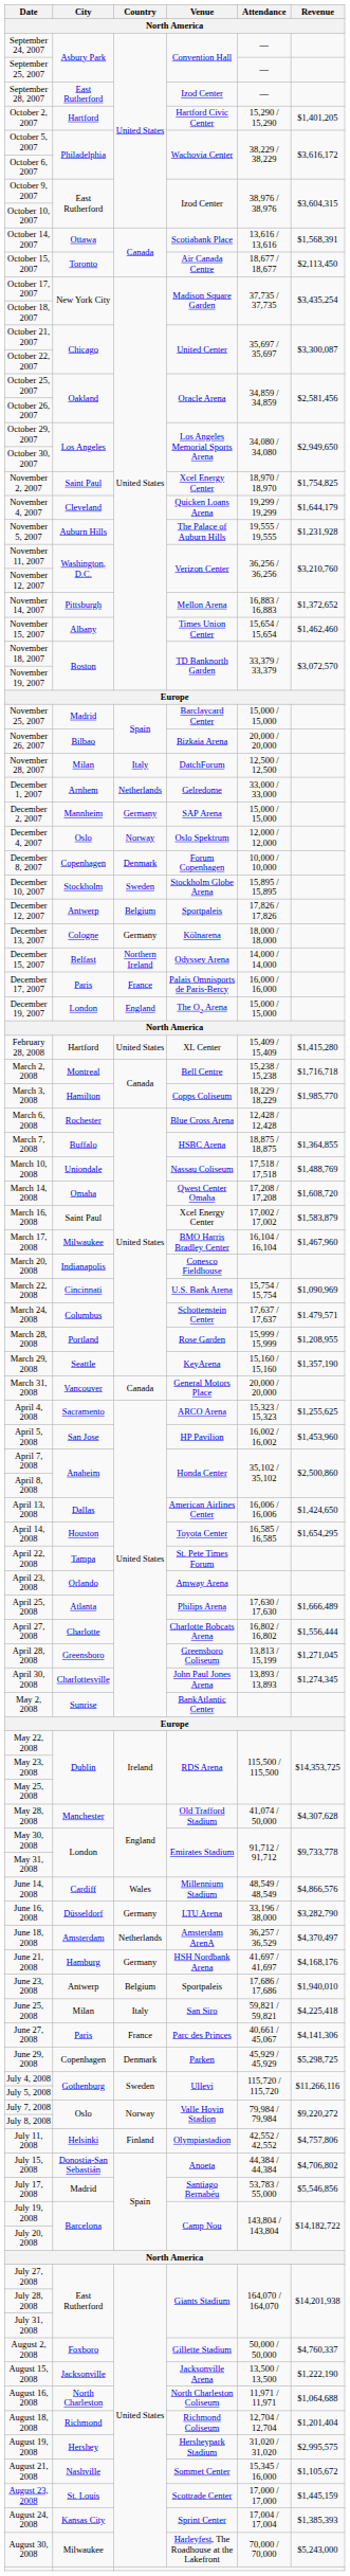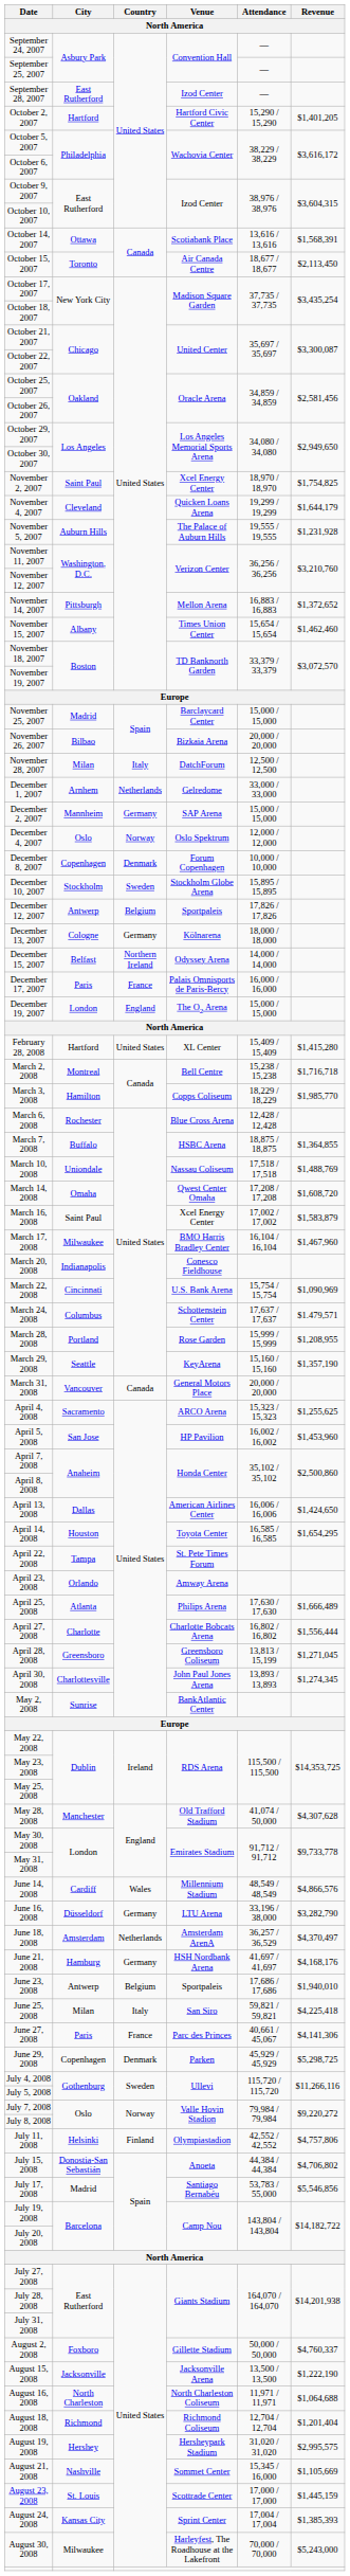 <table class="wikitable" style="text-align:center;">
 <tr>
 <th scope="col" style="width:10em;">Date</th>
 <th scope="col" style="width:10em;">City</th>
 <th scope="col" style="width:10em;">Country</th>
 <th scope="col" style="width:16em;">Venue</th>
 <th scope="col" style="width:10em;">Attendance</th>
 <th scope="col" style="width:10em;">Revenue</th>
 </tr>
 <tr>
 <th colspan="6">North America</th>
 </tr>
 <tr>
 <td>September 24, 2007</td>
 <td rowspan="2"><a href='#'>Asbury Park</a></td>
 <td rowspan="8"><a href='#'>United States</a></td>
 <td rowspan="2"><a href='#'>Convention Hall</a></td>
 <td>—</td>
 <td></td>
 </tr>
 <tr>
 <td>September 25, 2007</td>
 <td>—</td>
 <td></td>
 </tr>
 <tr>
 <td>September 28, 2007</td>
 <td><a href='#'>East Rutherford</a></td>
 <td><a href='#'>Izod Center</a></td>
 <td>—</td>
 <td></td>
 </tr>
 <tr>
 <td>October 2, 2007</td>
 <td><a href='#'>Hartford</a></td>
 <td><a href='#'>Hartford Civic Center</a></td>
 <td>15,290 / 15,290</td>
 <td>$1,401,205</td>
 </tr>
 <tr>
 <td>October 5, 2007</td>
 <td rowspan="2"><a href='#'>Philadelphia</a></td>
 <td rowspan="2"><a href='#'>Wachovia Center</a></td>
 <td rowspan="2">38,229 / 38,229</td>
 <td rowspan="2">$3,616,172</td>
 </tr>
 <tr>
 <td>October 6, 2007</td>
 </tr>
 <tr>
 <td>October 9, 2007</td>
 <td rowspan="2">East Rutherford</td>
 <td rowspan="2">Izod Center</td>
 <td rowspan="2">38,976 / 38,976</td>
 <td rowspan="2">$3,604,315</td>
 </tr>
 <tr>
 <td>October 10, 2007</td>
 </tr>
 <tr>
 <td>October 14, 2007</td>
 <td><a href='#'>Ottawa</a></td>
 <td rowspan="2"><a href='#'>Canada</a></td>
 <td><a href='#'>Scotiabank Place</a></td>
 <td>13,616 / 13,616</td>
 <td>$1,568,391</td>
 </tr>
 <tr>
 <td>October 15, 2007</td>
 <td><a href='#'>Toronto</a></td>
 <td><a href='#'>Air Canada Centre</a></td>
 <td>18,677 / 18,677</td>
 <td>$2,113,450</td>
 </tr>
 <tr>
 <td>October 17, 2007</td>
 <td rowspan="2">New York City</td>
 <td rowspan="17">United States</td>
 <td rowspan="2"><a href='#'>Madison Square Garden</a></td>
 <td rowspan="2">37,735 / 37,735</td>
 <td rowspan="2">$3,435,254</td>
 </tr>
 <tr>
 <td>October 18, 2007</td>
 </tr>
 <tr>
 <td>October 21, 2007</td>
 <td rowspan="2"><a href='#'>Chicago</a></td>
 <td rowspan="2"><a href='#'>United Center</a></td>
 <td rowspan="2">35,697 /  35,697</td>
 <td rowspan="2">$3,300,087</td>
 </tr>
 <tr>
 <td>October 22, 2007</td>
 </tr>
 <tr>
 <td>October 25, 2007</td>
 <td rowspan="2"><a href='#'>Oakland</a></td>
 <td rowspan="2"><a href='#'>Oracle Arena</a></td>
 <td rowspan="2">34,859 / 34,859</td>
 <td rowspan="2">$2,581,456</td>
 </tr>
 <tr>
 <td>October 26, 2007</td>
 </tr>
 <tr>
 <td>October 29, 2007</td>
 <td rowspan="2"><a href='#'>Los Angeles</a></td>
 <td rowspan="2"><a href='#'>Los Angeles Memorial Sports Arena</a></td>
 <td rowspan="2">34,080 / 34,080</td>
 <td rowspan="2">$2,949,650</td>
 </tr>
 <tr>
 <td>October 30, 2007</td>
 </tr>
 <tr>
 <td>November 2, 2007</td>
 <td><a href='#'>Saint Paul</a></td>
 <td><a href='#'>Xcel Energy Center</a></td>
 <td>18,970 / 18,970</td>
 <td>$1,754,825</td>
 </tr>
 <tr>
 <td>November 4, 2007</td>
 <td><a href='#'>Cleveland</a></td>
 <td><a href='#'>Quicken Loans Arena</a></td>
 <td>19,299 / 19,299</td>
 <td>$1,644,179</td>
 </tr>
 <tr>
 <td>November 5, 2007</td>
 <td><a href='#'>Auburn Hills</a></td>
 <td><a href='#'>The Palace of Auburn Hills</a></td>
 <td>19,555 / 19,555</td>
 <td>$1,231,928</td>
 </tr>
 <tr>
 <td>November 11, 2007</td>
 <td rowspan="2"><a href='#'>Washington, D.C.</a></td>
 <td rowspan="2"><a href='#'>Verizon Center</a></td>
 <td rowspan="2">36,256 / 36,256</td>
 <td rowspan="2">$3,210,760</td>
 </tr>
 <tr>
 <td>November 12, 2007</td>
 </tr>
 <tr>
 <td>November 14, 2007</td>
 <td><a href='#'>Pittsburgh</a></td>
 <td><a href='#'>Mellon Arena</a></td>
 <td>16,883 / 16,883</td>
 <td>$1,372,652</td>
 </tr>
 <tr>
 <td>November 15, 2007</td>
 <td><a href='#'>Albany</a></td>
 <td><a href='#'>Times Union Center</a></td>
 <td>15,654 / 15,654</td>
 <td>$1,462,460</td>
 </tr>
 <tr>
 <td>November 18, 2007</td>
 <td rowspan="2"><a href='#'>Boston</a></td>
 <td rowspan="2"><a href='#'>TD Banknorth Garden</a></td>
 <td rowspan="2">33,379 / 33,379</td>
 <td rowspan="2">$3,072,570</td>
 </tr>
 <tr>
 <td>November 19, 2007</td>
 </tr>
 <tr>
 <th colspan="6">Europe</th>
 </tr>
 <tr>
 <td>November 25, 2007</td>
 <td><a href='#'>Madrid</a></td>
 <td rowspan="2"><a href='#'>Spain</a></td>
 <td><a href='#'>Barclaycard Center</a></td>
 <td>15,000 / 15,000</td>
 <td></td>
 </tr>
 <tr>
 <td>November 26, 2007</td>
 <td><a href='#'>Bilbao</a></td>
 <td><a href='#'>Bizkaia Arena</a></td>
 <td>20,000 / 20,000</td>
 <td></td>
 </tr>
 <tr>
 <td>November 28, 2007</td>
 <td><a href='#'>Milan</a></td>
 <td><a href='#'>Italy</a></td>
 <td><a href='#'>DatchForum</a></td>
 <td>12,500 / 12,500</td>
 <td></td>
 </tr>
 <tr>
 <td>December 1, 2007</td>
 <td><a href='#'>Arnhem</a></td>
 <td><a href='#'>Netherlands</a></td>
 <td><a href='#'>Gelredome</a></td>
 <td>33,000 / 33,000</td>
 <td></td>
 </tr>
 <tr>
 <td>December 2, 2007</td>
 <td><a href='#'>Mannheim</a></td>
 <td><a href='#'>Germany</a></td>
 <td><a href='#'>SAP Arena</a></td>
 <td>15,000 / 15,000</td>
 <td></td>
 </tr>
 <tr>
 <td>December 4, 2007</td>
 <td><a href='#'>Oslo</a></td>
 <td><a href='#'>Norway</a></td>
 <td><a href='#'>Oslo Spektrum</a></td>
 <td>12,000 / 12,000</td>
 <td></td>
 </tr>
 <tr>
 <td>December 8, 2007</td>
 <td><a href='#'>Copenhagen</a></td>
 <td><a href='#'>Denmark</a></td>
 <td><a href='#'>Forum Copenhagen</a></td>
 <td>10,000 / 10,000</td>
 <td></td>
 </tr>
 <tr>
 <td>December 10, 2007</td>
 <td><a href='#'>Stockholm</a></td>
 <td><a href='#'>Sweden</a></td>
 <td><a href='#'>Stockholm Globe Arena</a></td>
 <td>15,895 / 15,895</td>
 <td></td>
 </tr>
 <tr>
 <td>December 12, 2007</td>
 <td><a href='#'>Antwerp</a></td>
 <td><a href='#'>Belgium</a></td>
 <td><a href='#'>Sportpaleis</a></td>
 <td>17,826 / 17,826</td>
 <td></td>
 </tr>
 <tr>
 <td>December 13, 2007</td>
 <td><a href='#'>Cologne</a></td>
 <td>Germany</td>
 <td><a href='#'>Kölnarena</a></td>
 <td>18,000 / 18,000</td>
 <td></td>
 </tr>
 <tr>
 <td>December 15, 2007</td>
 <td><a href='#'>Belfast</a></td>
 <td><a href='#'>Northern Ireland</a></td>
 <td><a href='#'>Odyssey Arena</a></td>
 <td>14,000 / 14,000</td>
 <td></td>
 </tr>
 <tr>
 <td>December 17, 2007</td>
 <td><a href='#'>Paris</a></td>
 <td><a href='#'>France</a></td>
 <td><a href='#'>Palais Omnisports de Paris-Bercy</a></td>
 <td>16,000 / 16,000</td>
 <td></td>
 </tr>
 <tr>
 <td>December 19, 2007</td>
 <td><a href='#'>London</a></td>
 <td><a href='#'>England</a></td>
 <td><a href='#'>The O<sub>2</sub> Arena</a></td>
 <td>15,000 / 15,000</td>
 <td></td>
 </tr>
 <tr>
 <th colspan="6">North America</th>
 </tr>
 <tr>
 <td>February 28, 2008</td>
 <td>Hartford</td>
 <td>United States</td>
 <td>XL Center</td>
 <td>15,409 / 15,409</td>
 <td>$1,415,280</td>
 </tr>
 <tr>
 <td>March 2, 2008</td>
 <td><a href='#'>Montreal</a></td>
 <td rowspan="2">Canada</td>
 <td><a href='#'>Bell Centre</a></td>
 <td>15,238 / 15,238</td>
 <td>$1,716,718</td>
 </tr>
 <tr>
 <td>March 3, 2008</td>
 <td><a href='#'>Hamilton</a></td>
 <td><a href='#'>Copps Coliseum</a></td>
 <td>18,229 / 18,229</td>
 <td>$1,985,770</td>
 </tr>
 <tr>
 <td>March 6, 2008</td>
 <td><a href='#'>Rochester</a></td>
 <td rowspan="11">United States</td>
 <td><a href='#'>Blue Cross Arena</a></td>
 <td>12,428 / 12,428</td>
 <td></td>
 </tr>
 <tr>
 <td>March 7, 2008</td>
 <td><a href='#'>Buffalo</a></td>
 <td><a href='#'>HSBC Arena</a></td>
 <td>18,875 / 18,875</td>
 <td>$1,364,855</td>
 </tr>
 <tr>
 <td>March 10, 2008</td>
 <td><a href='#'>Uniondale</a></td>
 <td><a href='#'>Nassau Coliseum</a></td>
 <td>17,518 / 17,518</td>
 <td>$1,488,769</td>
 </tr>
 <tr>
 <td>March 14, 2008</td>
 <td><a href='#'>Omaha</a></td>
 <td><a href='#'>Qwest Center Omaha</a></td>
 <td>17,208 / 17,208</td>
 <td>$1,608,720</td>
 </tr>
 <tr>
 <td>March 16, 2008</td>
 <td>Saint Paul</td>
 <td>Xcel Energy Center</td>
 <td>17,002 / 17,002</td>
 <td>$1,583,879</td>
 </tr>
 <tr>
 <td>March 17, 2008</td>
 <td><a href='#'>Milwaukee</a></td>
 <td><a href='#'>BMO Harris Bradley Center</a></td>
 <td>16,104 / 16,104</td>
 <td>$1,467,960</td>
 </tr>
 <tr>
 <td>March 20, 2008</td>
 <td><a href='#'>Indianapolis</a></td>
 <td><a href='#'>Conesco Fieldhouse</a></td>
 <td></td>
 <td></td>
 </tr>
 <tr>
 <td>March 22, 2008</td>
 <td><a href='#'>Cincinnati</a></td>
 <td><a href='#'>U.S. Bank Arena</a></td>
 <td>15,754 / 15,754</td>
 <td>$1,090,969</td>
 </tr>
 <tr>
 <td>March 24, 2008</td>
 <td><a href='#'>Columbus</a></td>
 <td><a href='#'>Schottenstein Center</a></td>
 <td>17,637 / 17,637</td>
 <td>$1.479,571</td>
 </tr>
 <tr>
 <td>March 28, 2008</td>
 <td><a href='#'>Portland</a></td>
 <td><a href='#'>Rose Garden</a></td>
 <td>15,999 / 15,999</td>
 <td>$1,208,955</td>
 </tr>
 <tr>
 <td>March 29, 2008</td>
 <td><a href='#'>Seattle</a></td>
 <td><a href='#'>KeyArena</a></td>
 <td>15,160 / 15,160</td>
 <td>$1,357,190</td>
 </tr>
 <tr>
 <td>March 31, 2008</td>
 <td><a href='#'>Vancouver</a></td>
 <td>Canada</td>
 <td><a href='#'>General Motors Place</a></td>
 <td>20,000 / 20,000</td>
 <td></td>
 </tr>
 <tr>
 <td>April 4, 2008</td>
 <td><a href='#'>Sacramento</a></td>
 <td rowspan="13">United States</td>
 <td><a href='#'>ARCO Arena</a></td>
 <td>15,323 / 15,323</td>
 <td>$1,255,625</td>
 </tr>
 <tr>
 <td>April 5, 2008</td>
 <td><a href='#'>San Jose</a></td>
 <td><a href='#'>HP Pavilion</a></td>
 <td>16,002 / 16,002</td>
 <td>$1,453,960</td>
 </tr>
 <tr>
 <td>April 7, 2008</td>
 <td rowspan="2"><a href='#'>Anaheim</a></td>
 <td rowspan="2"><a href='#'>Honda Center</a></td>
 <td rowspan="2">35,102 / 35,102</td>
 <td rowspan="2">$2,500,860</td>
 </tr>
 <tr>
 <td>April 8, 2008</td>
 </tr>
 <tr>
 <td>April 13, 2008</td>
 <td><a href='#'>Dallas</a></td>
 <td><a href='#'>American Airlines Center</a></td>
 <td>16,006 / 16,006</td>
 <td>$1,424,650</td>
 </tr>
 <tr>
 <td>April 14, 2008</td>
 <td><a href='#'>Houston</a></td>
 <td><a href='#'>Toyota Center</a></td>
 <td>16,585 / 16,585</td>
 <td>$1,654,295</td>
 </tr>
 <tr>
 <td>April 22, 2008</td>
 <td><a href='#'>Tampa</a></td>
 <td><a href='#'>St. Pete Times Forum</a></td>
 <td></td>
 <td></td>
 </tr>
 <tr>
 <td>April 23, 2008</td>
 <td><a href='#'>Orlando</a></td>
 <td><a href='#'>Amway Arena</a></td>
 <td></td>
 <td></td>
 </tr>
 <tr>
 <td>April 25, 2008</td>
 <td><a href='#'>Atlanta</a></td>
 <td><a href='#'>Philips Arena</a></td>
 <td>17,630 / 17,630</td>
 <td>$1,666,489</td>
 </tr>
 <tr>
 <td>April 27, 2008</td>
 <td><a href='#'>Charlotte</a></td>
 <td><a href='#'>Charlotte Bobcats Arena</a></td>
 <td>16,802 / 16,802</td>
 <td>$1,556,444</td>
 </tr>
 <tr>
 <td>April 28, 2008</td>
 <td><a href='#'>Greensboro</a></td>
 <td><a href='#'>Greensboro Coliseum</a></td>
 <td>13,813 / 15,199</td>
 <td>$1,271,045</td>
 </tr>
 <tr>
 <td>April 30, 2008</td>
 <td><a href='#'>Charlottesville</a></td>
 <td><a href='#'>John Paul Jones Arena</a></td>
 <td>13,893 / 13,893</td>
 <td>$1,274,345</td>
 </tr>
 <tr>
 <td>May 2, 2008</td>
 <td><a href='#'>Sunrise</a></td>
 <td><a href='#'>BankAtlantic Center</a></td>
 <td></td>
 <td></td>
 </tr>
 <tr>
 <th colspan="6">Europe</th>
 </tr>
 <tr>
 <td>May 22, 2008</td>
 <td rowspan="3"><a href='#'>Dublin</a></td>
 <td rowspan="3">Ireland</td>
 <td rowspan="3"><a href='#'>RDS Arena</a></td>
 <td rowspan="3">115,500 / 115,500</td>
 <td rowspan="3">$14,353,725</td>
 </tr>
 <tr>
 <td>May 23, 2008</td>
 </tr>
 <tr>
 <td>May 25, 2008</td>
 </tr>
 <tr>
 <td>May 28, 2008</td>
 <td><a href='#'>Manchester</a></td>
 <td rowspan="3">England</td>
 <td><a href='#'>Old Trafford Stadium</a></td>
 <td>41,074 / 50,000</td>
 <td>$4,307,628</td>
 </tr>
 <tr>
 <td>May 30, 2008</td>
 <td rowspan="2">London</td>
 <td rowspan="2"><a href='#'>Emirates Stadium</a></td>
 <td rowspan="2">91,712 / 91,712</td>
 <td rowspan="2">$9,733,778</td>
 </tr>
 <tr>
 <td>May 31, 2008</td>
 </tr>
 <tr>
 <td>June 14, 2008</td>
 <td><a href='#'>Cardiff</a></td>
 <td>Wales</td>
 <td><a href='#'>Millennium Stadium</a></td>
 <td>48,549 / 48,549</td>
 <td>$4,866,576</td>
 </tr>
 <tr>
 <td>June 16, 2008</td>
 <td><a href='#'>Düsseldorf</a></td>
 <td>Germany</td>
 <td><a href='#'>LTU Arena</a></td>
 <td>33,196 / 38,000</td>
 <td>$3,282,790</td>
 </tr>
 <tr>
 <td>June 18, 2008</td>
 <td><a href='#'>Amsterdam</a></td>
 <td>Netherlands</td>
 <td><a href='#'>Amsterdam ArenA</a></td>
 <td>36,257 / 36,529</td>
 <td>$4,370,497</td>
 </tr>
 <tr>
 <td>June 21, 2008</td>
 <td><a href='#'>Hamburg</a></td>
 <td>Germany</td>
 <td><a href='#'>HSH Nordbank Arena</a></td>
 <td>41,697 / 41,697</td>
 <td>$4,168,176</td>
 </tr>
 <tr>
 <td>June 23, 2008</td>
 <td>Antwerp</td>
 <td>Belgium</td>
 <td>Sportpaleis</td>
 <td>17,686 / 17,686</td>
 <td>$1,940,010</td>
 </tr>
 <tr>
 <td>June 25, 2008</td>
 <td>Milan</td>
 <td>Italy</td>
 <td><a href='#'>San Siro</a></td>
 <td>59,821 / 59,821</td>
 <td>$4,225,418</td>
 </tr>
 <tr>
 <td>June 27, 2008</td>
 <td><a href='#'>Paris</a></td>
 <td>France</td>
 <td><a href='#'>Parc des Princes</a></td>
 <td>40,661 / 45,067</td>
 <td>$4,141,306</td>
 </tr>
 <tr>
 <td>June 29, 2008</td>
 <td>Copenhagen</td>
 <td>Denmark</td>
 <td><a href='#'>Parken</a></td>
 <td>45,929 / 45,929</td>
 <td>$5,298,725</td>
 </tr>
 <tr>
 <td>July 4, 2008</td>
 <td rowspan="2"><a href='#'>Gothenburg</a></td>
 <td rowspan="2">Sweden</td>
 <td rowspan="2"><a href='#'>Ullevi</a></td>
 <td rowspan="2">115,720 / 115,720</td>
 <td rowspan="2">$11,266,116</td>
 </tr>
 <tr>
 <td>July 5, 2008</td>
 </tr>
 <tr>
 <td>July 7, 2008</td>
 <td rowspan="2">Oslo</td>
 <td rowspan="2">Norway</td>
 <td rowspan="2"><a href='#'>Valle Hovin Stadion</a></td>
 <td rowspan="2">79,984 / 79,984</td>
 <td rowspan="2">$9,220,272</td>
 </tr>
 <tr>
 <td>July 8, 2008</td>
 </tr>
 <tr>
 <td>July 11, 2008</td>
 <td><a href='#'>Helsinki</a></td>
 <td>Finland</td>
 <td><a href='#'>Olympiastadion</a></td>
 <td>42,552 / 42,552</td>
 <td>$4,757,806</td>
 </tr>
 <tr>
 <td>July 15, 2008</td>
 <td><a href='#'>Donostia-San Sebastián</a></td>
 <td rowspan="4">Spain</td>
 <td><a href='#'>Anoeta</a></td>
 <td>44,384 / 44,384</td>
 <td>$4,706,802</td>
 </tr>
 <tr>
 <td>July 17, 2008</td>
 <td>Madrid</td>
 <td><a href='#'>Santiago Bernabéu</a></td>
 <td>53,783 / 55,000</td>
 <td>$5,546,856</td>
 </tr>
 <tr>
 <td>July 19, 2008</td>
 <td rowspan="2"><a href='#'>Barcelona</a></td>
 <td rowspan="2"><a href='#'>Camp Nou</a></td>
 <td rowspan="2">143,804 / 143,804</td>
 <td rowspan="2">$14,182,722</td>
 </tr>
 <tr>
 <td>July 20, 2008</td>
 </tr>
 <tr>
 <th colspan="6">North America</th>
 </tr>
 <tr>
 <td>July 27, 2008</td>
 <td rowspan="3">East Rutherford</td>
 <td rowspan="12">United States</td>
 <td rowspan="3"><a href='#'>Giants Stadium</a></td>
 <td rowspan="3">164,070 / 164,070</td>
 <td rowspan="3">$14,201,938</td>
 </tr>
 <tr>
 <td>July 28, 2008</td>
 </tr>
 <tr>
 <td>July 31, 2008</td>
 </tr>
 <tr>
 <td>August 2, 2008</td>
 <td><a href='#'>Foxboro</a></td>
 <td><a href='#'>Gillette Stadium</a></td>
 <td>50,000 / 50,000</td>
 <td>$4,760,337</td>
 </tr>
 <tr>
 <td>August 15, 2008</td>
 <td><a href='#'>Jacksonville</a></td>
 <td><a href='#'>Jacksonville Arena</a></td>
 <td>13,500 / 13,500</td>
 <td>$1,222,190</td>
 </tr>
 <tr>
 <td>August 16, 2008</td>
 <td><a href='#'>North Charleston</a></td>
 <td><a href='#'>North Charleston Coliseum</a></td>
 <td>11,971 / 11,971</td>
 <td>$1,064,688</td>
 </tr>
 <tr>
 <td>August 18, 2008</td>
 <td><a href='#'>Richmond</a></td>
 <td><a href='#'>Richmond Coliseum</a></td>
 <td>12,704 / 12,704</td>
 <td>$1,201,404</td>
 </tr>
 <tr>
 <td>August 19, 2008</td>
 <td><a href='#'>Hershey</a></td>
 <td><a href='#'>Hersheypark Stadium</a></td>
 <td>31,020 / 31,020</td>
 <td>$2,995,575</td>
 </tr>
 <tr>
 <td>August 21, 2008</td>
 <td><a href='#'>Nashville</a></td>
 <td><a href='#'>Sommet Center</a></td>
 <td>15,345 / 16,000</td>
-<td>$1,105,672</td>
+<td>$1,105,669</td>
 </tr>
 <tr>
 <td><a href='#'>August 23, 2008</a></td>
 <td><a href='#'>St. Louis</a></td>
 <td><a href='#'>Scottrade Center</a></td>
 <td>17,000 / 17,000</td>
 <td>$1,445,159</td>
 </tr>
 <tr>
 <td>August 24, 2008</td>
 <td><a href='#'>Kansas City</a></td>
 <td><a href='#'>Sprint Center</a></td>
 <td>17,004 / 17,004</td>
 <td>$1,385,393</td>
 </tr>
 <tr>
 <td>August 30, 2008</td>
 <td>Milwaukee</td>
 <td><a href='#'>Harleyfest</a>, The Roadhouse at the Lakefront</td>
 <td>70,000 / 70,000</td>
 <td>$5,243,000</td>
 </tr>
 <tr>
 <td></td>
 <td></td>
 </tr>
 </table>
